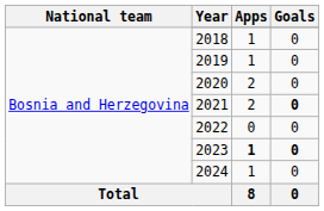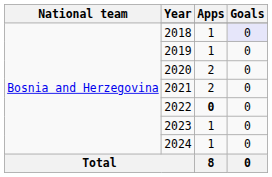 <table class="wikitable" style="text-align:center">
 <tr>
 <th>National team</th>
 <th>Year</th>
 <th>Apps</th>
 <th>Goals</th>
 </tr>
 <tr>
 <td rowspan=8><a href='#'>Bosnia and Herzegovina</a></td>
 </tr>
 <tr>
 <td>2018</td>
 <td>1</td>
-<td>0</td>
+<td style="background: lavender;">0</td>
 </tr>
 <tr>
 <td>2019</td>
 <td>1</td>
 <td>0</td>
 </tr>
 <tr>
 <td>2020</td>
 <td>2</td>
 <td>0</td>
 </tr>
 <tr>
 <td>2021</td>
 <td>2</td>
-<td><strong>0</strong></td>
+<td>0</td>
 </tr>
 <tr>
 <td>2022</td>
-<td>0</td>
+<td><strong>0</strong></td>
 <td>0</td>
 </tr>
 <tr>
 <td>2023</td>
-<td><strong>1</strong></td>
-<td><strong>0</strong></td>
+<td>1</td>
+<td>0</td>
 </tr>
 <tr>
 <td>2024</td>
 <td>1</td>
 <td>0</td>
 </tr>
 <tr>
 <th colspan=2>Total</th>
 <th>8</th>
 <th>0</th>
 </tr>
 </table>
